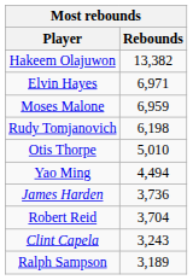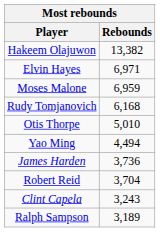 <table class="wikitable sortable" style="text-align:center">
 <tr>
 <th colspan="2" style="text-align:center; ">Most rebounds</th>
 </tr>
 <tr>
 <th style="text-align:center; ">Player</th>
 <th style="text-align:center; ">Rebounds</th>
 </tr>
 <tr>
 <td><a href='#'>Hakeem Olajuwon</a></td>
 <td>13,382</td>
 </tr>
 <tr>
 <td><a href='#'>Elvin Hayes</a></td>
 <td>6,971</td>
 </tr>
 <tr>
 <td><a href='#'>Moses Malone</a></td>
 <td>6,959</td>
 </tr>
 <tr>
 <td><a href='#'>Rudy Tomjanovich</a></td>
-<td>6,198</td>
+<td>6,168</td>
 </tr>
 <tr>
 <td><a href='#'>Otis Thorpe</a></td>
 <td>5,010</td>
 </tr>
 <tr>
 <td><a href='#'>Yao Ming</a></td>
 <td>4,494</td>
 </tr>
 <tr>
 <td><em><a href='#'>James Harden</a></em></td>
 <td>3,736</td>
 </tr>
 <tr>
 <td><a href='#'>Robert Reid</a></td>
 <td>3,704</td>
 </tr>
 <tr>
 <td><em><a href='#'>Clint Capela</a></em></td>
 <td>3,243</td>
 </tr>
 <tr>
 <td><a href='#'>Ralph Sampson</a></td>
 <td>3,189</td>
 </tr>
 </table>
